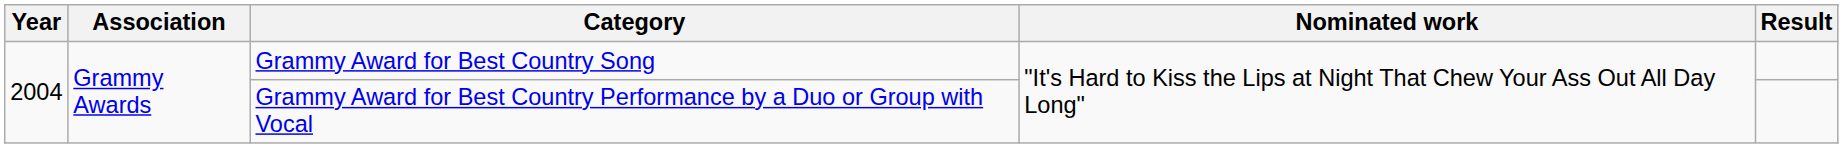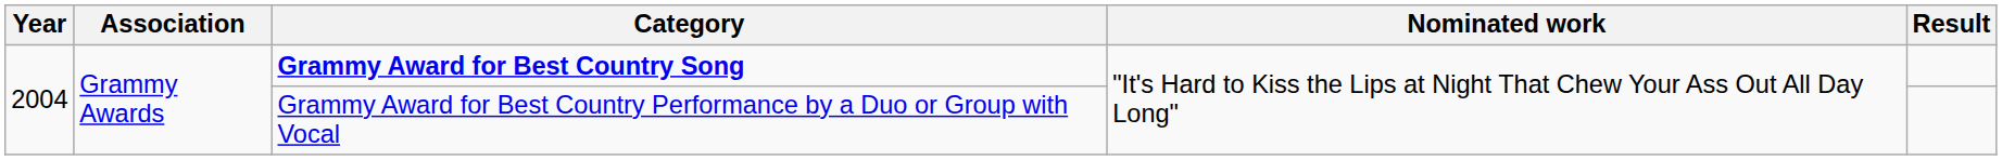 <table class="wikitable plainrowheaders">
 <tr>
 <th>Year</th>
 <th>Association</th>
 <th>Category</th>
 <th>Nominated work</th>
 <th>Result</th>
 </tr>
 <tr>
 <td rowspan=2>2004</td>
 <td rowspan=2><a href='#'>Grammy Awards</a></td>
-<td><a href='#'>Grammy Award for Best Country Song</a></td>
+<td><strong><a href='#'>Grammy Award for Best Country Song</a></strong></td>
 <td rowspan=2>"It's Hard to Kiss the Lips at Night That Chew Your Ass Out All Day Long"</td>
 <td></td>
 </tr>
 <tr>
 <td><a href='#'>Grammy Award for Best Country Performance by a Duo or Group with Vocal</a></td>
 <td></td>
 </tr>
 </table>
